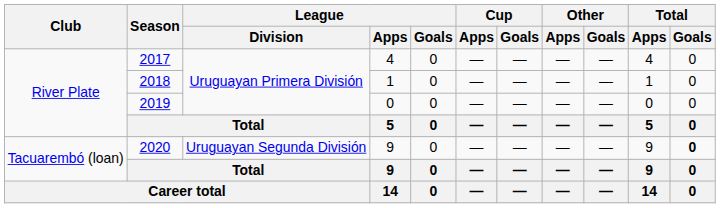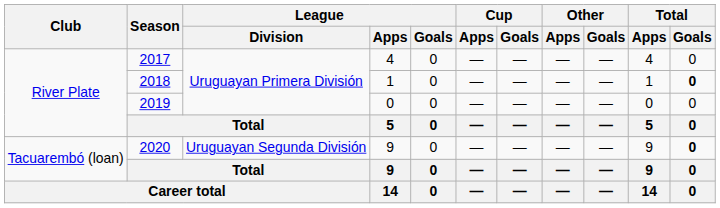 <table class=wikitable style=text-align:center>
 <tr>
 <th rowspan=2>Club</th>
 <th rowspan=2>Season</th>
 <th colspan=3>League</th>
 <th colspan=2>Cup</th>
 <th colspan=2>Other</th>
 <th colspan=2>Total</th>
 </tr>
 <tr>
 <th>Division</th>
 <th>Apps</th>
 <th>Goals</th>
 <th>Apps</th>
 <th>Goals</th>
 <th>Apps</th>
 <th>Goals</th>
 <th>Apps</th>
 <th>Goals</th>
 </tr>
 <tr>
 <td rowspan=4><a href='#'>River Plate</a></td>
 <td><a href='#'>2017</a></td>
 <td rowspan=3><a href='#'>Uruguayan Primera División</a></td>
 <td>4</td>
 <td>0</td>
 <td>—</td>
 <td>—</td>
 <td>—</td>
 <td>—</td>
 <td>4</td>
 <td>0</td>
 </tr>
 <tr>
 <td><a href='#'>2018</a></td>
 <td>1</td>
 <td>0</td>
 <td>—</td>
 <td>—</td>
 <td>—</td>
 <td>—</td>
 <td>1</td>
-<td>0</td>
+<td><strong>0</strong></td>
 </tr>
 <tr>
 <td><a href='#'>2019</a></td>
 <td>0</td>
 <td>0</td>
 <td>—</td>
 <td>—</td>
 <td>—</td>
 <td>—</td>
 <td>0</td>
 <td>0</td>
 </tr>
 <tr>
 <th colspan="2">Total</th>
 <th>5</th>
 <th>0</th>
 <th>—</th>
 <th>—</th>
 <th>—</th>
 <th>—</th>
 <th>5</th>
 <th>0</th>
 </tr>
 <tr>
 <td rowspan=2><a href='#'>Tacuarembó</a> (loan)</td>
 <td><a href='#'>2020</a></td>
 <td><a href='#'>Uruguayan Segunda División</a></td>
 <td>9</td>
 <td>0</td>
 <td>—</td>
 <td>—</td>
 <td>—</td>
 <td>—</td>
 <td>9</td>
 <td><strong>0</strong></td>
 </tr>
 <tr>
 <th colspan="2">Total</th>
 <th>9</th>
 <th>0</th>
 <th>—</th>
 <th>—</th>
 <th>—</th>
 <th>—</th>
 <th>9</th>
 <th>0</th>
 </tr>
 <tr>
 <th colspan=3>Career total</th>
 <th>14</th>
 <th>0</th>
 <th>—</th>
 <th>—</th>
 <th>—</th>
 <th>—</th>
 <th>14</th>
 <th>0</th>
 </tr>
 </table>
